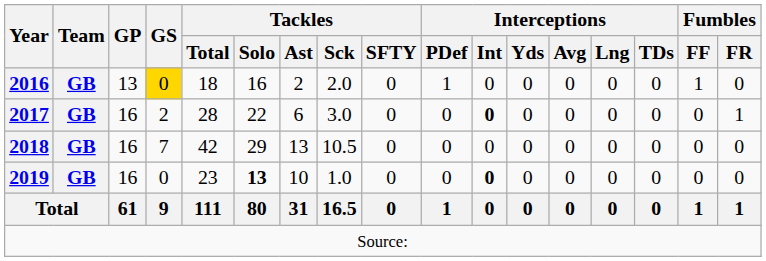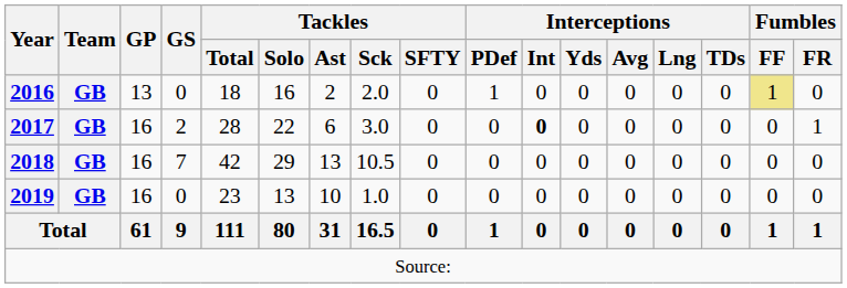 <table class="wikitable" style="text-align: center;">
 <tr>
 <th rowspan=2>Year</th>
 <th rowspan=2>Team</th>
 <th rowspan=2>GP</th>
 <th rowspan=2>GS</th>
 <th colspan=5>Tackles</th>
 <th colspan=6>Interceptions</th>
 <th colspan=2>Fumbles</th>
 </tr>
 <tr>
 <th>Total</th>
 <th>Solo</th>
 <th>Ast</th>
 <th>Sck</th>
 <th>SFTY</th>
 <th>PDef</th>
 <th>Int</th>
 <th>Yds</th>
 <th>Avg</th>
 <th>Lng</th>
 <th>TDs</th>
 <th>FF</th>
 <th>FR</th>
 </tr>
 <tr>
 <th><a href='#'>2016</a></th>
 <th><a href='#'>GB</a></th>
 <td>13</td>
-<td style="background: gold;">0</td>
+<td>0</td>
 <td>18</td>
 <td>16</td>
 <td>2</td>
 <td>2.0</td>
 <td>0</td>
 <td>1</td>
 <td>0</td>
 <td>0</td>
 <td>0</td>
 <td>0</td>
 <td>0</td>
-<td>1</td>
+<td style="background: khaki;">1</td>
 <td>0</td>
 </tr>
 <tr>
 <th><a href='#'>2017</a></th>
 <th><a href='#'>GB</a></th>
 <td>16</td>
 <td>2</td>
 <td>28</td>
 <td>22</td>
 <td>6</td>
 <td>3.0</td>
 <td>0</td>
 <td>0</td>
 <td><strong>0</strong></td>
 <td>0</td>
 <td>0</td>
 <td>0</td>
 <td>0</td>
 <td>0</td>
 <td>1</td>
 </tr>
 <tr>
 <th><a href='#'>2018</a></th>
 <th><a href='#'>GB</a></th>
 <td>16</td>
 <td>7</td>
 <td>42</td>
 <td>29</td>
 <td>13</td>
 <td>10.5</td>
 <td>0</td>
 <td>0</td>
 <td>0</td>
 <td>0</td>
 <td>0</td>
 <td>0</td>
 <td>0</td>
 <td>0</td>
 <td>0</td>
 </tr>
 <tr>
 <th><a href='#'>2019</a></th>
 <th><a href='#'>GB</a></th>
 <td>16</td>
 <td>0</td>
 <td>23</td>
-<td><strong>13</strong></td>
+<td>13</td>
 <td>10</td>
 <td>1.0</td>
 <td>0</td>
 <td>0</td>
-<td><strong>0</strong></td>
+<td>0</td>
 <td>0</td>
 <td>0</td>
 <td>0</td>
 <td>0</td>
 <td>0</td>
 <td>0</td>
 </tr>
 <tr>
 <th colspan="2">Total</th>
 <th>61</th>
 <th>9</th>
 <th>111</th>
 <th>80</th>
 <th>31</th>
 <th>16.5</th>
 <th>0</th>
 <th>1</th>
 <th>0</th>
 <th>0</th>
 <th>0</th>
 <th>0</th>
 <th>0</th>
 <th>1</th>
 <th>1</th>
 </tr>
 <tr>
 <td colspan="17"><small>Source: </small></td>
 </tr>
 </table>
